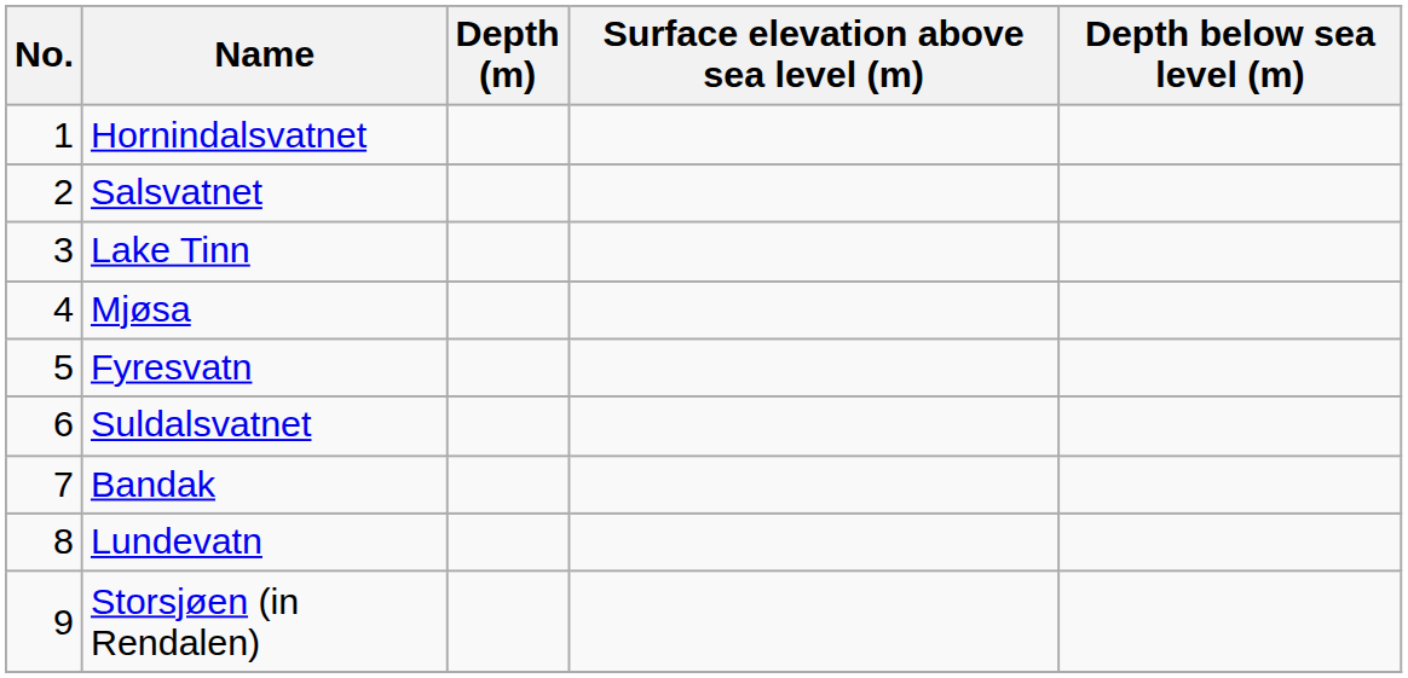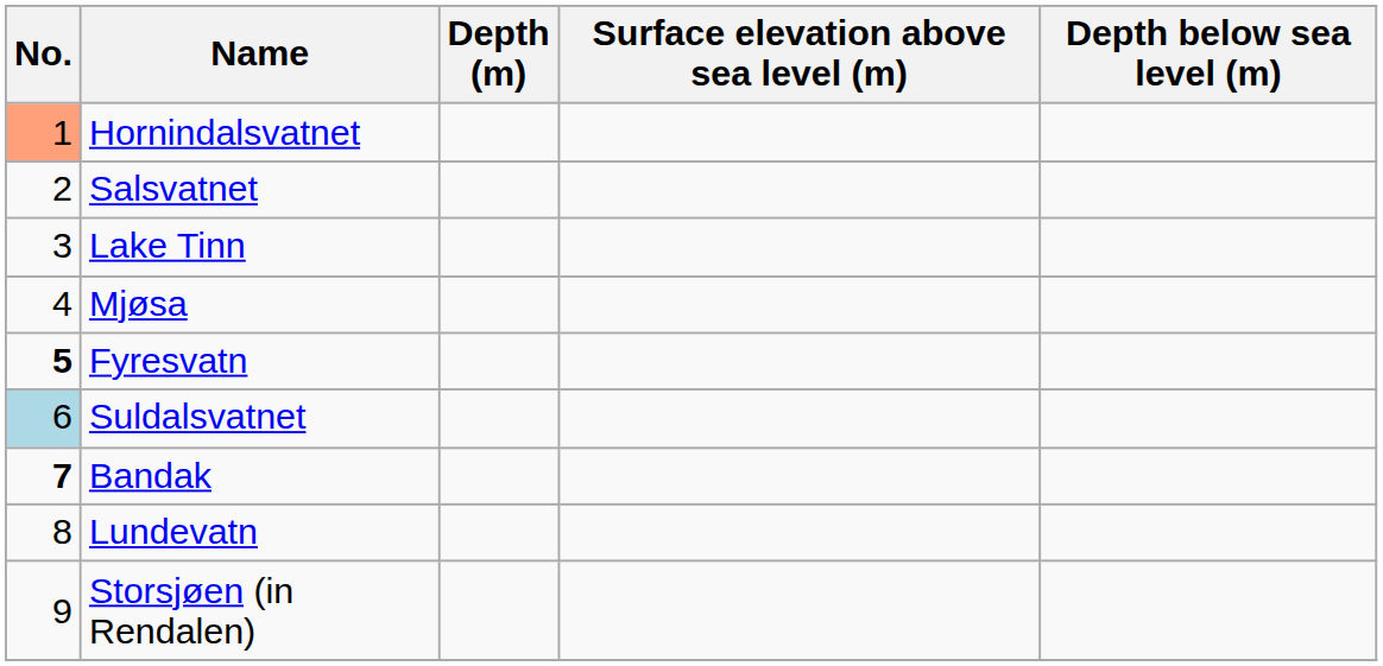 <table class="sortable wikitable">
 <tr>
 <th>No.</th>
 <th>Name</th>
 <th>Depth <br>(m)</th>
 <th>Surface elevation above sea level (m)</th>
 <th>Depth below sea level (m)</th>
 </tr>
 <tr>
-<td align="right">1</td>
+<td align="right" style="background: lightsalmon;">1</td>
 <td><a href='#'>Hornindalsvatnet</a></td>
 <td align="right"></td>
 <td align="right"></td>
 <td align="right"></td>
 </tr>
 <tr>
 <td align="right">2</td>
 <td><a href='#'>Salsvatnet</a></td>
 <td align="right"></td>
 <td align="right"></td>
 <td align="right"></td>
 </tr>
 <tr>
 <td align="right">3</td>
 <td><a href='#'>Lake Tinn</a></td>
 <td align="right"></td>
 <td align="right"></td>
 <td align="right"></td>
 </tr>
 <tr>
 <td align="right">4</td>
 <td><a href='#'>Mjøsa</a></td>
 <td align="right"></td>
 <td align="right"></td>
 <td align="right"></td>
 </tr>
 <tr>
-<td align="right">5</td>
+<td align="right"><strong>5</strong></td>
 <td><a href='#'>Fyresvatn</a></td>
 <td align="right"></td>
 <td align="right"></td>
 <td align="right"></td>
 </tr>
 <tr>
-<td align="right">6</td>
+<td align="right" style="background: lightblue;">6</td>
 <td><a href='#'>Suldalsvatnet</a></td>
 <td align="right"></td>
 <td align="right"></td>
 <td align="right"></td>
 </tr>
 <tr>
-<td align="right">7</td>
+<td align="right"><strong>7</strong></td>
 <td><a href='#'>Bandak</a></td>
 <td align="right"></td>
 <td align="right"></td>
 <td align="right"></td>
 </tr>
 <tr>
 <td align="right">8</td>
 <td><a href='#'>Lundevatn</a></td>
 <td align="right"></td>
 <td align="right"></td>
 <td align="right"></td>
 </tr>
 <tr>
 <td align="right">9</td>
 <td><a href='#'>Storsjøen</a> (in Rendalen)</td>
 <td align="right"></td>
 <td align="right"></td>
 <td align="right"></td>
 </tr>
 <tr>
 </tr>
 </table>
